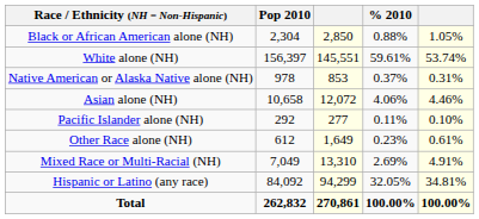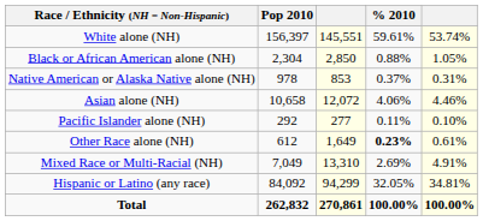 <table class="wikitable" style="text-align:center;">
 <tr>
 <th>Race / Ethnicity <small>(<em>NH = Non-Hispanic</em>)</small></th>
 <th>Pop 2010</th>
 <th></th>
 <th>% 2010</th>
 <th></th>
 </tr>
 <tr>
+<td><a href='#'>White</a> alone (NH)</td>
+<td>156,397</td>
+<td style='background: #ffffe6;'>145,551</td>
+<td>59.61%</td>
+<td style='background: #ffffe6;'>53.74%</td>
+</tr>
+<tr>
 <td><a href='#'>Black or African American</a> alone (NH)</td>
 <td>2,304</td>
 <td style='background: #ffffe6;'>2,850</td>
 <td>0.88%</td>
 <td style='background: #ffffe6;'>1.05%</td>
-</tr>
-<tr>
-<td><a href='#'>White</a> alone (NH)</td>
-<td>156,397</td>
-<td style='background: #ffffe6;'>145,551</td>
-<td>59.61%</td>
-<td style='background: #ffffe6;'>53.74%</td>
 </tr>
 <tr>
 <td><a href='#'>Native American</a> or <a href='#'>Alaska Native</a> alone (NH)</td>
 <td>978</td>
 <td style='background: #ffffe6;'>853</td>
 <td>0.37%</td>
 <td style='background: #ffffe6;'>0.31%</td>
 </tr>
 <tr>
 <td><a href='#'>Asian</a> alone (NH)</td>
 <td>10,658</td>
 <td style='background: #ffffe6;'>12,072</td>
 <td>4.06%</td>
 <td style='background: #ffffe6;'>4.46%</td>
 </tr>
 <tr>
 <td><a href='#'>Pacific Islander</a> alone (NH)</td>
 <td>292</td>
 <td style='background: #ffffe6;'>277</td>
 <td>0.11%</td>
 <td style='background: #ffffe6;'>0.10%</td>
 </tr>
 <tr>
 <td><a href='#'>Other Race</a> alone (NH)</td>
 <td>612</td>
 <td style='background: #ffffe6;'>1,649</td>
-<td>0.23%</td>
+<td><strong>0.23%</strong></td>
 <td style='background: #ffffe6;'>0.61%</td>
 </tr>
 <tr>
 <td><a href='#'>Mixed Race or Multi-Racial</a> (NH)</td>
 <td>7,049</td>
 <td style='background: #ffffe6;'>13,310</td>
 <td>2.69%</td>
 <td style='background: #ffffe6;'>4.91%</td>
 </tr>
 <tr>
 <td><a href='#'>Hispanic or Latino</a> (any race)</td>
 <td>84,092</td>
 <td style='background: #ffffe6;'>94,299</td>
 <td>32.05%</td>
 <td style='background: #ffffe6;'>34.81%</td>
 </tr>
 <tr>
 <td><strong>Total</strong></td>
 <td><strong>262,832</strong></td>
 <td style='background: #ffffe6;'><strong>270,861</strong></td>
 <td><strong>100.00%</strong></td>
 <td style='background: #ffffe6;'><strong>100.00%</strong></td>
 </tr>
 </table>
